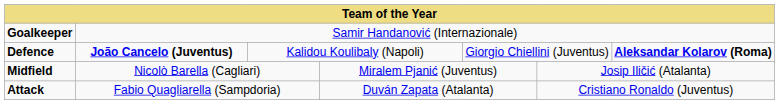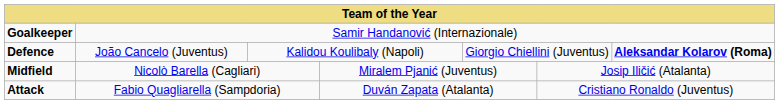 <table class="wikitable">
 <tr>
 <th colspan="7" style="background-color: #eedd82">Team of the Year</th>
 </tr>
 <tr>
 <td><strong>Goalkeeper</strong></td>
 <td colspan="6" align="center"> <a href='#'>Samir Handanović</a> (Internazionale)</td>
 </tr>
 <tr>
 <td><strong>Defence</strong></td>
-<td align="center"><strong> <a href='#'>João Cancelo</a> (Juventus)</strong></td>
+<td align="center"> <a href='#'>João Cancelo</a> (Juventus)</td>
 <td colspan="2" align="center"> <a href='#'>Kalidou Koulibaly</a> (Napoli)</td>
 <td colspan="2" align="center"> <a href='#'>Giorgio Chiellini</a> (Juventus)</td>
 <td align="center"><strong> <a href='#'>Aleksandar Kolarov</a> (Roma)</strong></td>
 </tr>
 <tr>
 <td><strong>Midfield</strong></td>
 <td colspan="2" align="center"> <a href='#'>Nicolò Barella</a> (Cagliari)</td>
 <td colspan="2" align="center"> <a href='#'>Miralem Pjanić</a> (Juventus)</td>
 <td colspan="2" align="center"> <a href='#'>Josip Iličić</a> (Atalanta)</td>
 </tr>
 <tr>
 <td><strong>Attack</strong></td>
 <td colspan="2" align="center"> <a href='#'>Fabio Quagliarella</a> (Sampdoria)</td>
 <td colspan="2" align="center"> <a href='#'>Duván Zapata</a> (Atalanta)</td>
 <td colspan="2" align="center"> <a href='#'>Cristiano Ronaldo</a> (Juventus)</td>
 </tr>
 </table>
